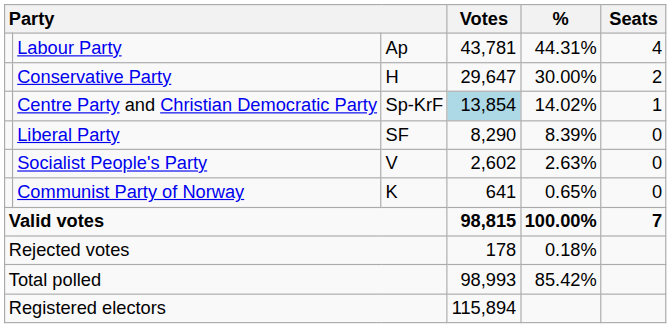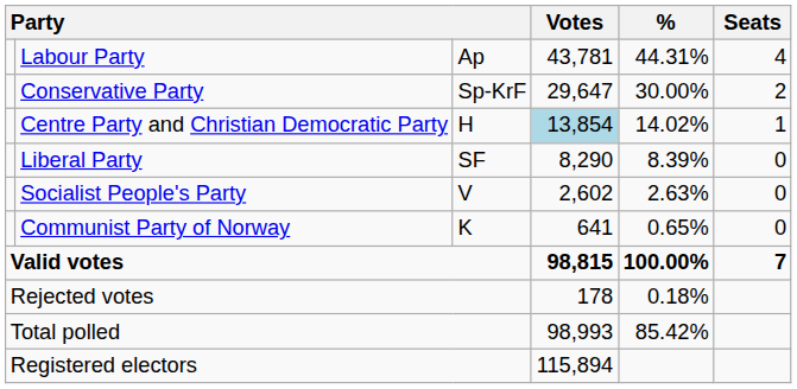 <table class="wikitable" border="1" style="text-align:right;">
 <tr>
 <th style="text-align:left;" colspan=3>Party</th>
 <th align=center width="50">Votes</th>
 <th align=center width="50">%</th>
 <th align=center width="50">Seats</th>
 </tr>
 <tr>
 <td style="color:inherit;background:"></td>
 <td align=left><a href='#'>Labour Party</a></td>
 <td align=left>Ap</td>
 <td>43,781</td>
 <td>44.31%</td>
 <td>4</td>
 </tr>
 <tr>
 <td style="color:inherit;background:"></td>
 <td align=left><a href='#'>Conservative Party</a></td>
-<td align=left>H</td>
+<td align=left>Sp-KrF</td>
 <td>29,647</td>
 <td>30.00%</td>
 <td>2</td>
 </tr>
 <tr>
 <td></td>
 <td align=left><a href='#'>Centre Party</a> and <a href='#'>Christian Democratic Party</a></td>
-<td align=left>Sp-KrF</td>
+<td align=left>H</td>
 <td style="background: lightblue;">13,854</td>
 <td>14.02%</td>
 <td>1</td>
 </tr>
 <tr>
 <td style="color:inherit;background:"></td>
 <td align=left><a href='#'>Liberal Party</a></td>
 <td align=left>SF</td>
 <td>8,290</td>
 <td>8.39%</td>
 <td>0</td>
 </tr>
 <tr>
 <td style="color:inherit;background:"></td>
 <td align=left><a href='#'>Socialist People's Party</a></td>
 <td align=left>V</td>
 <td>2,602</td>
 <td>2.63%</td>
 <td>0</td>
 </tr>
 <tr>
 <td style="color:inherit;background:"></td>
 <td align=left><a href='#'>Communist Party of Norway</a></td>
 <td align=left>K</td>
 <td>641</td>
 <td>0.65%</td>
 <td>0</td>
 </tr>
 <tr style="font-weight:bold">
 <td align=left colspan=3>Valid votes</td>
 <td>98,815</td>
 <td>100.00%</td>
 <td>7</td>
 </tr>
 <tr>
 <td align=left colspan=3>Rejected votes</td>
 <td>178</td>
 <td>0.18%</td>
 <td></td>
 </tr>
 <tr>
 <td align=left colspan=3>Total polled</td>
 <td>98,993</td>
 <td>85.42%</td>
 <td></td>
 </tr>
 <tr>
 <td align=left colspan=3>Registered electors</td>
 <td>115,894</td>
 <td></td>
 <td></td>
 </tr>
 </table>
